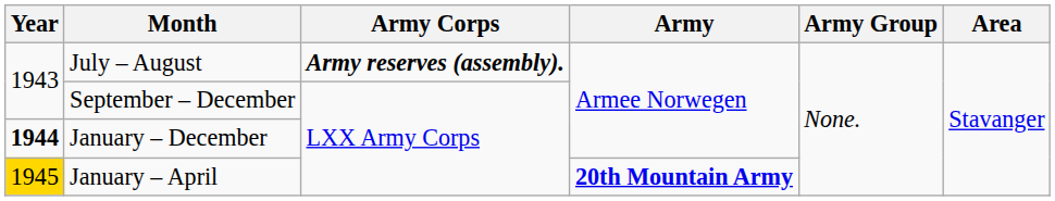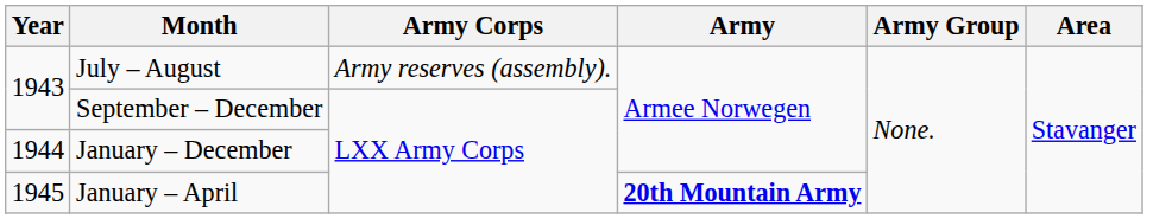 <table class="wikitable">
 <tr>
 <th>Year</th>
 <th>Month</th>
 <th>Army Corps</th>
 <th>Army</th>
 <th>Army Group</th>
 <th>Area</th>
 </tr>
 <tr>
 <td rowspan="2">1943</td>
 <td>July – August</td>
-<td><strong><em>Army reserves (assembly).</em></strong></td>
+<td><em>Army reserves (assembly).</em></td>
 <td rowspan="3"><a href='#'>Armee Norwegen</a></td>
 <td rowspan="4"><em>None.</em></td>
 <td rowspan="4"><a href='#'>Stavanger</a></td>
 </tr>
 <tr>
 <td>September – December</td>
 <td rowspan="3"><a href='#'>LXX Army Corps</a></td>
 </tr>
 <tr>
-<td><strong>1944</strong></td>
+<td>1944</td>
 <td>January – December</td>
 </tr>
 <tr>
-<td style="background: gold;">1945</td>
+<td>1945</td>
 <td>January – April</td>
 <td><strong><a href='#'>20th Mountain Army</a></strong></td>
 </tr>
 </table>
